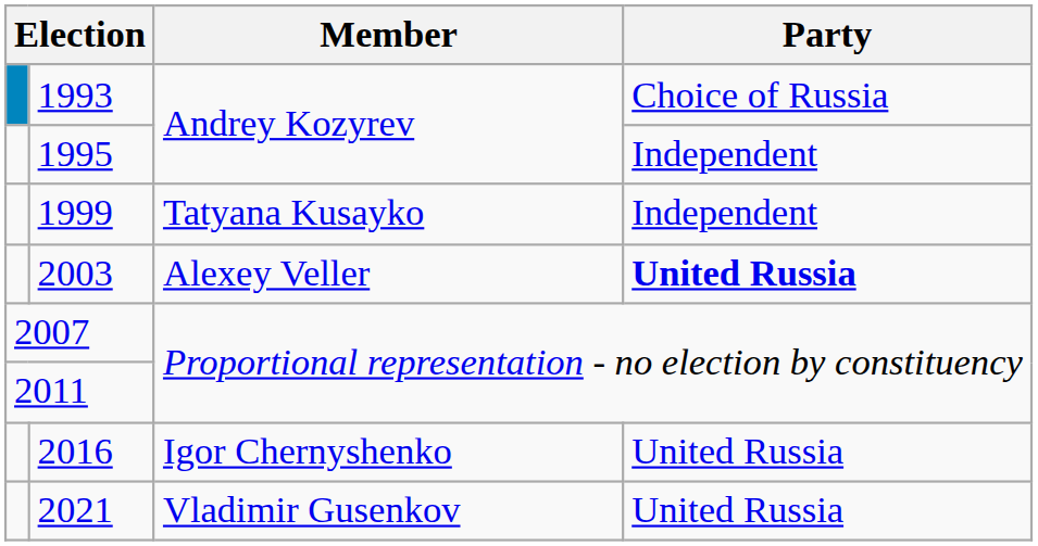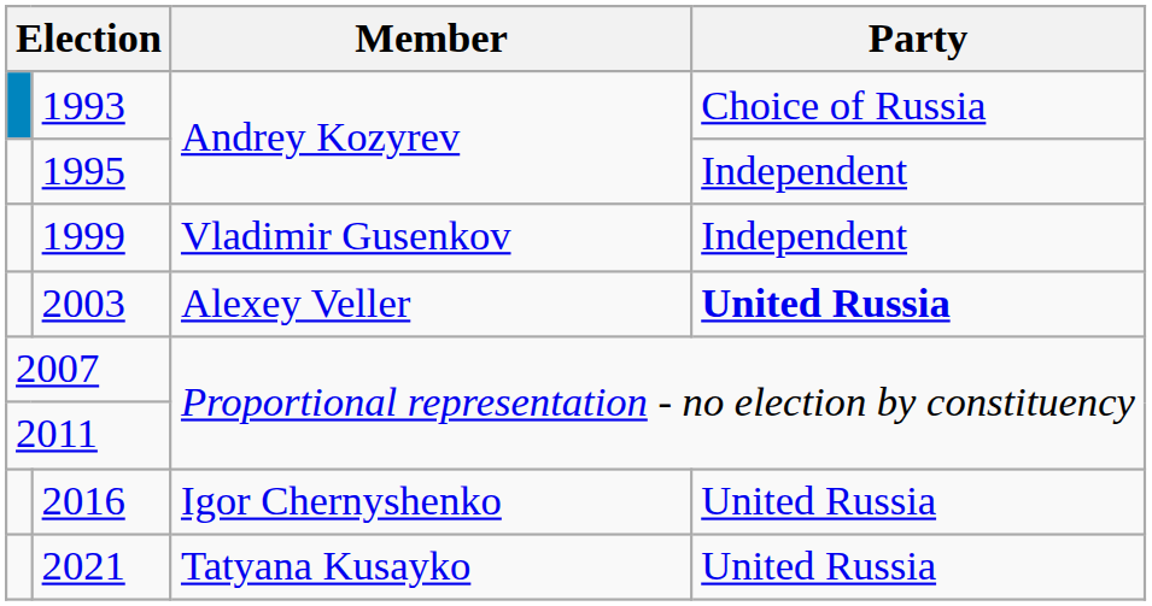 <table class="wikitable">
 <tr>
 <th colspan="2">Election</th>
 <th>Member</th>
 <th>Party</th>
 </tr>
 <tr>
 <td style="background-color:#0085BE"></td>
 <td><a href='#'>1993</a></td>
 <td rowspan=2><a href='#'>Andrey Kozyrev</a></td>
 <td><a href='#'>Choice of Russia</a></td>
 </tr>
 <tr>
 <td style="background-color: "></td>
 <td><a href='#'>1995</a></td>
 <td><a href='#'>Independent</a></td>
 </tr>
 <tr>
 <td style="background-color: "></td>
 <td><a href='#'>1999</a></td>
-<td><a href='#'>Tatyana Kusayko</a></td>
+<td><a href='#'>Vladimir Gusenkov</a></td>
 <td><a href='#'>Independent</a></td>
 </tr>
 <tr>
 <td style="background-color: "></td>
 <td><a href='#'>2003</a></td>
 <td><a href='#'>Alexey Veller</a></td>
 <td><strong><a href='#'>United Russia</a></strong></td>
 </tr>
 <tr>
 <td colspan=2><a href='#'>2007</a></td>
 <td colspan=2 rowspan=2><em><a href='#'>Proportional representation</a> - no election by constituency</em></td>
 </tr>
 <tr>
 <td colspan=2><a href='#'>2011</a></td>
 </tr>
 <tr>
 <td style="background-color: "></td>
 <td><a href='#'>2016</a></td>
 <td><a href='#'>Igor Chernyshenko</a></td>
 <td><a href='#'>United Russia</a></td>
 </tr>
 <tr>
 <td style="background-color: "></td>
 <td><a href='#'>2021</a></td>
-<td><a href='#'>Vladimir Gusenkov</a></td>
+<td><a href='#'>Tatyana Kusayko</a></td>
 <td><a href='#'>United Russia</a></td>
 </tr>
 </table>
